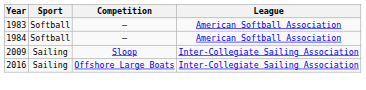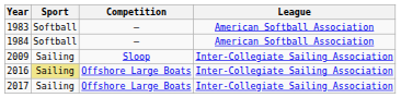 <table class="wikitable sortable" style="text-align:center">
 <tr>
 <th style="text-align:center;">Year</th>
 <th style="text-align:center;">Sport</th>
 <th style="text-align:center;">Competition</th>
 <th style="text-align:center;">League</th>
 </tr>
 <tr>
 <td>1983</td>
 <td>Softball</td>
 <td>–</td>
 <td><a href='#'>American Softball Association</a></td>
 </tr>
 <tr>
 <td>1984</td>
 <td>Softball</td>
 <td>–</td>
 <td><a href='#'>American Softball Association</a></td>
 </tr>
 <tr>
 <td>2009</td>
 <td>Sailing</td>
 <td><a href='#'>Sloop</a></td>
 <td><a href='#'>Inter-Collegiate Sailing Association</a></td>
 </tr>
 <tr>
 <td>2016</td>
+<td style="background: khaki;">Sailing</td>
+<td><a href='#'>Offshore Large Boats</a></td>
+<td><a href='#'>Inter-Collegiate Sailing Association</a></td>
+</tr>
+<tr>
+<td>2017</td>
 <td>Sailing</td>
 <td><a href='#'>Offshore Large Boats</a></td>
 <td><a href='#'>Inter-Collegiate Sailing Association</a></td>
 </tr>
 </table>
